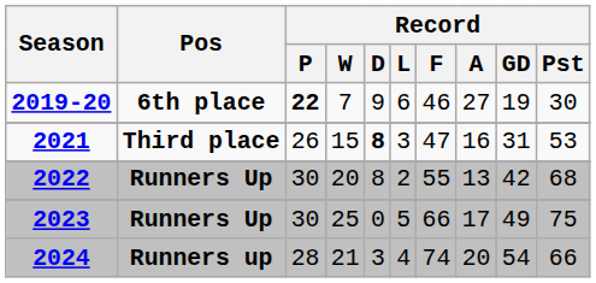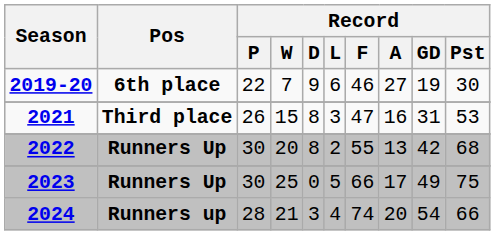 <table Class="wikitable" style="text-align: center;">
 <tr>
 <th rowspan="2">Season</th>
 <th rowspan="2">Pos</th>
 <th colspan="9">Record</th>
 </tr>
 <tr>
 <th>P</th>
 <th>W</th>
 <th>D</th>
 <th>L</th>
 <th>F</th>
 <th>A</th>
 <th>GD</th>
 <th>Pst</th>
 </tr>
 <tr style=>
 <td><strong><a href='#'>2019-20</a></strong></td>
 <td><strong>6th place</strong></td>
-<td><strong>22</strong></td>
+<td>22</td>
 <td>7</td>
 <td>9</td>
 <td>6</td>
 <td>46</td>
 <td>27</td>
 <td>19</td>
 <td>30</td>
 </tr>
 <tr>
 </tr>
 <tr style="background:;">
 <td><strong><a href='#'>2021</a></strong></td>
 <td><strong>Third place</strong></td>
 <td>26</td>
 <td>15</td>
-<td><strong>8</strong></td>
+<td>8</td>
 <td>3</td>
 <td>47</td>
 <td>16</td>
 <td>31</td>
 <td>53</td>
 </tr>
 <tr>
 </tr>
 <tr style="background:silver;">
 <td><strong><a href='#'>2022</a></strong></td>
 <td><strong>Runners Up</strong></td>
 <td>30</td>
 <td>20</td>
 <td>8</td>
 <td>2</td>
 <td>55</td>
 <td>13</td>
 <td>42</td>
 <td>68</td>
 </tr>
 <tr>
 </tr>
 <tr style="background:silver;">
 <td><strong><a href='#'>2023</a></strong></td>
 <td><strong>Runners Up</strong></td>
 <td>30</td>
 <td>25</td>
 <td>0</td>
 <td>5</td>
 <td>66</td>
 <td>17</td>
 <td>49</td>
 <td>75</td>
 </tr>
 <tr style="background:silver;">
 <td><strong><a href='#'>2024</a></strong></td>
 <td><strong>Runners up</strong></td>
 <td>28</td>
 <td>21</td>
 <td>3</td>
 <td>4</td>
 <td>74</td>
 <td>20</td>
 <td>54</td>
 <td>66</td>
 </tr>
 </table>
